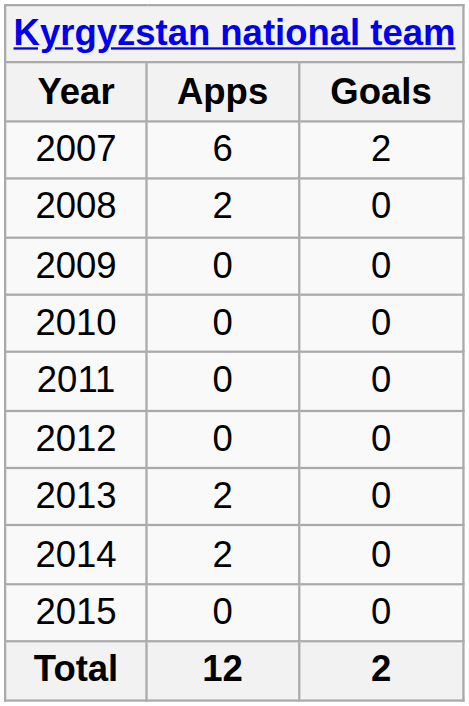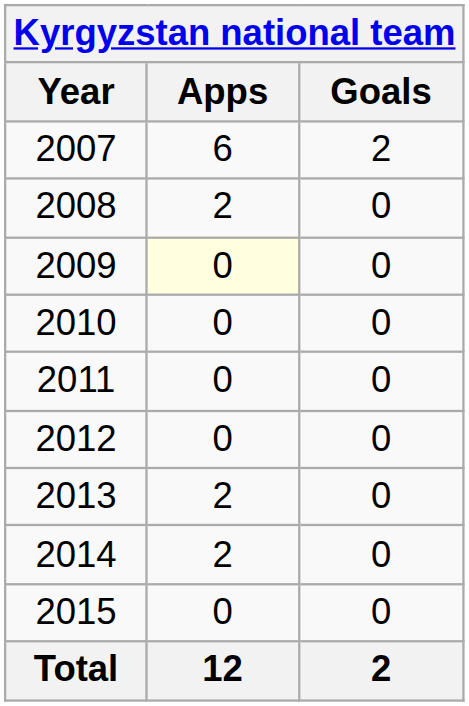 <table class="wikitable" style="text-align:center">
 <tr>
 <th colspan=3><a href='#'>Kyrgyzstan national team</a></th>
 </tr>
 <tr>
 <th>Year</th>
 <th>Apps</th>
 <th>Goals</th>
 </tr>
 <tr>
 <td>2007</td>
 <td>6</td>
 <td>2</td>
 </tr>
 <tr>
 <td>2008</td>
 <td>2</td>
 <td>0</td>
 </tr>
 <tr>
 <td>2009</td>
-<td>0</td>
+<td style="background: lightyellow;">0</td>
 <td>0</td>
 </tr>
 <tr>
 <td>2010</td>
 <td>0</td>
 <td>0</td>
 </tr>
 <tr>
 <td>2011</td>
 <td>0</td>
 <td>0</td>
 </tr>
 <tr>
 <td>2012</td>
 <td>0</td>
 <td>0</td>
 </tr>
 <tr>
 <td>2013</td>
 <td>2</td>
 <td>0</td>
 </tr>
 <tr>
 <td>2014</td>
 <td>2</td>
 <td>0</td>
 </tr>
 <tr>
 <td>2015</td>
 <td>0</td>
 <td>0</td>
 </tr>
 <tr>
 <th>Total</th>
 <th>12</th>
 <th>2</th>
 </tr>
 </table>
